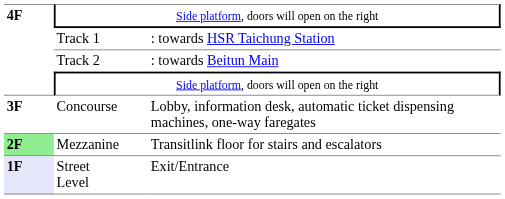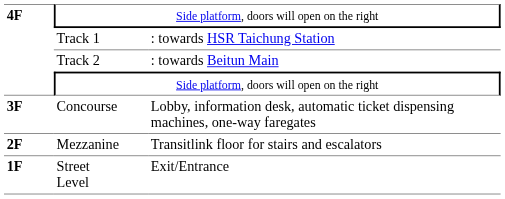 <table cellspacing=0 cellpadding=3>
 <tr>
 <td style="border-top:solid 1px gray;border-bottom:solid 1px gray;" width=50 rowspan=4 valign=top><strong>4F</strong></td>
 <td style="border-right:solid 2px black;border-left:solid 2px black;border-bottom:solid 2px black;border-top:solid 1px gray" colspan=2 align=center><small><a href='#'>Side platform</a>, doors will open on the right</small></td>
 </tr>
 <tr>
 <td style="border-bottom:solid 1px gray;" width=100><span>Track 1</span></td>
 <td style="border-bottom:solid 1px gray;" width=390>  : towards <a href='#'>HSR Taichung Station</a> </td>
 </tr>
 <tr>
 <td style="border-bottom:solid 0px gray;" width=100><span>Track 2</span></td>
 <td style="border-bottom:solid 0px gray;" width=390>  : towards <a href='#'>Beitun Main</a> </td>
 </tr>
 <tr>
 <td style="border-top:solid 2px black;border-right:solid 2px black;border-left:solid 2px black;border-bottom:solid 1px gray;" colspan=2 align=center><small><a href='#'>Side platform</a>, doors will open on the right</small></td>
 </tr>
 <tr>
 <td style="border-bottom:solid 1px gray;" valign=top><strong>3F</strong></td>
 <td style="border-bottom:solid 1px gray;" valign=top>Concourse</td>
 <td style="border-bottom:solid 1px gray;" valign=top>Lobby, information desk, automatic ticket dispensing machines, one-way faregates</td>
 </tr>
 <tr>
-<td style="background: lightgreen; border-bottom:solid 1px gray;" valign=top><strong>2F</strong></td>
+<td style="border-bottom:solid 1px gray;" valign=top><strong>2F</strong></td>
 <td style="border-bottom:solid 1px gray;" valign=top>Mezzanine</td>
 <td style="border-bottom:solid 1px gray;" valign=top>Transitlink floor for stairs and escalators</td>
 </tr>
 <tr>
-<td style="background: lavender; border-bottom:solid 1px gray;" valign=top><strong>1F</strong></td>
+<td style="border-bottom:solid 1px gray;" valign=top><strong>1F</strong></td>
 <td style="border-bottom:solid 1px gray;" valign=top>Street<br>Level</td>
 <td style="border-bottom:solid 1px gray;" valign=top>Exit/Entrance</td>
 </tr>
 </table>
